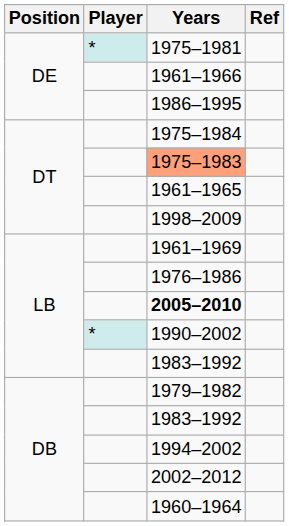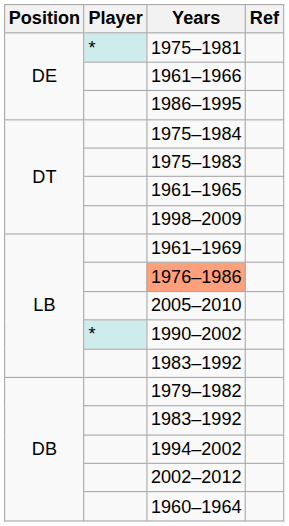 <table class="wikitable sortable" >
 <tr bgcolor="#efefef">
 <th>Position</th>
 <th>Player</th>
 <th>Years</th>
 <th class="unsortable">Ref</th>
 </tr>
 <tr>
 <td rowspan=3 style="text-align:center;">DE</td>
 <td style="background:#cfecec;">*</td>
 <td>1975–1981</td>
 <td></td>
 </tr>
 <tr>
 <td></td>
 <td>1961–1966</td>
 <td></td>
 </tr>
 <tr>
 <td></td>
 <td>1986–1995</td>
 <td></td>
 </tr>
 <tr>
 <td rowspan=4 style="text-align:center;">DT</td>
 <td></td>
 <td>1975–1984</td>
 <td></td>
 </tr>
 <tr>
 <td></td>
-<td style="background: lightsalmon;">1975–1983</td>
+<td>1975–1983</td>
 <td></td>
 </tr>
 <tr>
 <td></td>
 <td>1961–1965</td>
 <td></td>
 </tr>
 <tr>
 <td></td>
 <td>1998–2009</td>
 <td></td>
 </tr>
 <tr>
 <td rowspan=5 style="text-align:center;">LB</td>
 <td></td>
 <td>1961–1969</td>
 <td></td>
 </tr>
 <tr>
 <td></td>
-<td>1976–1986</td>
+<td style="background: lightsalmon;">1976–1986</td>
 <td></td>
 </tr>
 <tr>
 <td></td>
-<td><strong>2005–2010</strong></td>
+<td>2005–2010</td>
 <td></td>
 </tr>
 <tr>
 <td style="background:#cfecec;">*</td>
 <td>1990–2002</td>
 <td></td>
 </tr>
 <tr>
 <td></td>
 <td>1983–1992</td>
 <td></td>
 </tr>
 <tr>
 <td rowspan=5 style="text-align:center;">DB</td>
 <td></td>
 <td>1979–1982</td>
 <td></td>
 </tr>
 <tr>
 <td></td>
 <td>1983–1992</td>
 <td></td>
 </tr>
 <tr>
 <td></td>
 <td>1994–2002</td>
 <td></td>
 </tr>
 <tr>
 <td></td>
 <td>2002–2012</td>
 <td></td>
 </tr>
 <tr>
 <td></td>
 <td>1960–1964</td>
 <td></td>
 </tr>
 </table>
